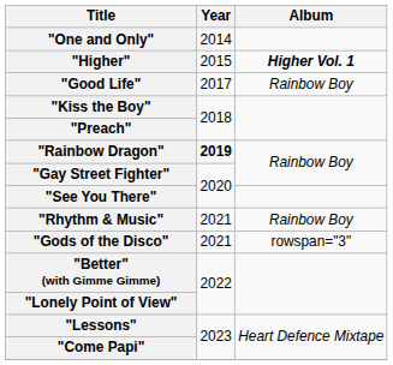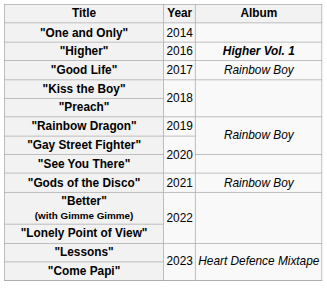 <table class="wikitable plainrowheaders" style="text-align:center;">
 <tr>
 <th scope="col" rowspan="1" style="width:13em;">Title</th>
 <th scope="col" rowspan="1">Year</th>
 <th scope="col" rowspan="1">Album</th>
 </tr>
 <tr>
 <th scope="row">"One and Only"</th>
 <td>2014</td>
 <td></td>
 </tr>
 <tr>
 <th scope="row">"Higher"</th>
-<td>2015</td>
+<td>2016</td>
 <td><strong><em>Higher Vol. 1</em></strong></td>
 </tr>
 <tr>
 <th scope="row">"Good Life"</th>
 <td>2017</td>
 <td><em>Rainbow Boy</em></td>
 </tr>
 <tr>
 <th scope="row">"Kiss the Boy"</th>
 <td rowspan="2">2018</td>
 </tr>
 <tr>
 <th scope="row">"Preach"</th>
 </tr>
 <tr>
 <th scope="row">"Rainbow Dragon"</th>
-<td><strong>2019</strong></td>
+<td>2019</td>
 <td rowspan="2"><em>Rainbow Boy</em></td>
 </tr>
 <tr>
 <th scope="row">"Gay Street Fighter"</th>
 <td rowspan="2">2020</td>
 </tr>
 <tr>
 <th scope="row">"See You There" <br></th>
 <td></td>
 </tr>
 <tr>
-<th scope="row">"Rhythm & Music"</th>
+<th scope="row">"Gods of the Disco"</th>
 <td>2021</td>
 <td><em>Rainbow Boy</em></td>
-</tr>
-<tr>
-<th scope="row">"Gods of the Disco"</th>
-<td>2021</td>
-<td>rowspan="3" </td>
 </tr>
 <tr>
 <th scope="row">"Better"<br><small>(with Gimme Gimme)</small></th>
 <td rowspan="2">2022</td>
 </tr>
 <tr>
 <th scope="row">"Lonely Point of View"</th>
 </tr>
 <tr>
 <th scope="row">"Lessons"</th>
 <td rowspan="2">2023</td>
 <td rowspan="2"><em>Heart Defence Mixtape</em></td>
 </tr>
 <tr>
 <th scope="row">"Come Papi"</th>
 </tr>
 <tr>
 </tr>
 </table>
